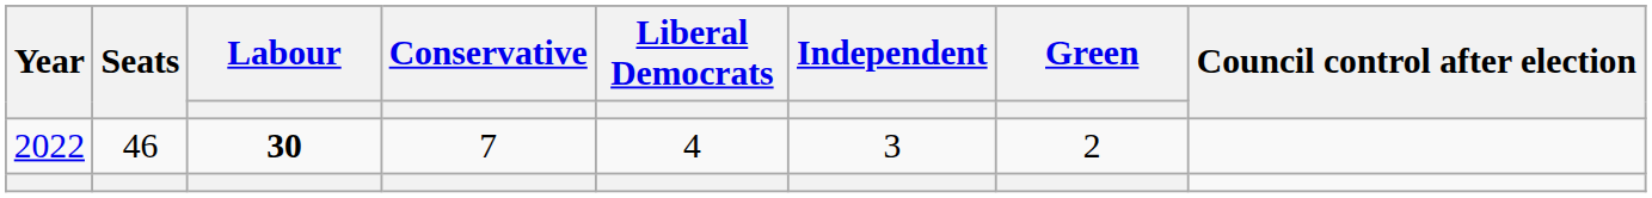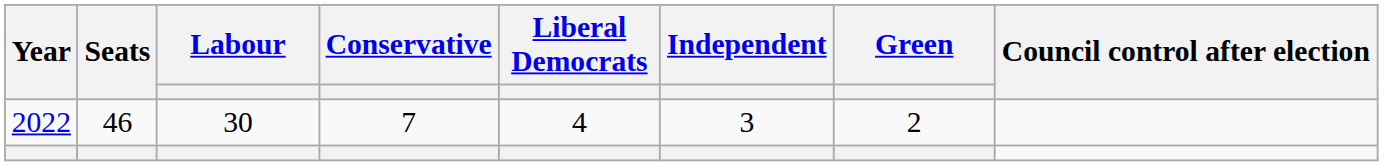 <table class="wikitable" style=text-align:center>
 <tr>
 <th rowspan=2><strong>Year</strong></th>
 <th rowspan=2><strong>Seats</strong></th>
 <th width="80"><a href='#'><strong>Labour</strong></a></th>
 <th width="80"><a href='#'><strong>Conservative</strong></a></th>
 <th width="80"><a href='#'><strong>Liberal Democrats</strong></a></th>
 <th width="80"><a href='#'><strong>Independent</strong></a></th>
 <th width="80"><a href='#'><strong>Green</strong></a></th>
 <th rowspan=2 colspan=2><strong>Council control after election</strong></th>
 </tr>
 <tr>
 <th style="background-color: "></th>
 <th style="background-color: "></th>
 <th style="background-color: "></th>
 <th style="background-color: "></th>
 <th style="background-color: "></th>
 </tr>
 <tr>
 <td><a href='#'>2022</a></td>
 <td>46</td>
-<td><strong>30</strong></td>
+<td>30</td>
 <td>7</td>
 <td>4</td>
 <td>3</td>
 <td>2</td>
 <td></td>
 </tr>
 <tr>
 <th></th>
 <th></th>
 <th style="background-color: "></th>
 <th style="background-color: "></th>
 <th style="background-color: "></th>
 <th style="background-color: "></th>
 <th style="background-color: "></th>
 </tr>
 </table>
